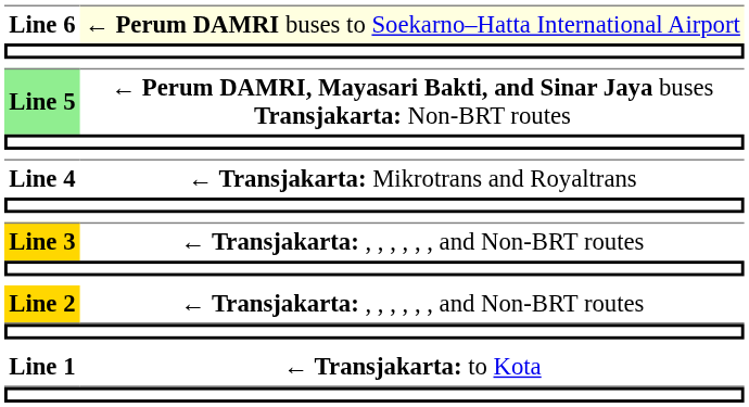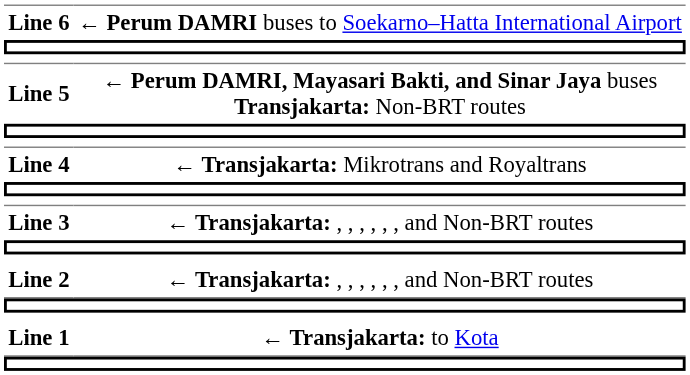 <table cellspacing="0" cellpadding="3">
 <tr>
 <td></td>
 <td></td>
 </tr>
 <tr>
 <td style="border-top:solid 1px gray"><strong>Line 6</strong></td>
-<td style="background: lightyellow; text-align:center;border-top:solid 1px gray">← <strong>Perum DAMRI</strong> buses to <a href='#'>Soekarno–Hatta International Airport</a></td>
+<td style="text-align:center;border-top:solid 1px gray">← <strong>Perum DAMRI</strong> buses to <a href='#'>Soekarno–Hatta International Airport</a></td>
 </tr>
 <tr>
 <td colspan="2" style="text-align:center; border:solid 2px black; "></td>
 </tr>
 <tr>
 <td></td>
 <td></td>
 </tr>
 <tr>
-<td style="background: lightgreen; border-top:solid 1px gray"><strong>Line 5</strong></td>
+<td style="border-top:solid 1px gray"><strong>Line 5</strong></td>
 <td style="text-align:center;border-top:solid 1px gray">← <strong>Perum DAMRI, Mayasari Bakti, and Sinar Jaya</strong> buses<br><strong>Transjakarta:</strong>   Non-BRT routes</td>
 </tr>
 <tr>
 <td colspan="2" style="text-align:center; border:solid 2px black; "></td>
 </tr>
 <tr>
 <td></td>
 <td></td>
 </tr>
 <tr>
 <td style="border-top:solid 1px gray"><strong>Line 4</strong></td>
 <td style="text-align:center;border-top:solid 1px gray">← <strong>Transjakarta:</strong> Mikrotrans and Royaltrans</td>
 </tr>
 <tr>
 <td colspan="2" style="text-align:center; border:solid 2px black; "></td>
 </tr>
 <tr>
 <td></td>
 <td></td>
 </tr>
 <tr>
-<td style="background: gold; border-top:solid 1px gray"><strong>Line 3</strong></td>
+<td style="border-top:solid 1px gray"><strong>Line 3</strong></td>
 <td style="text-align:center;border-top:solid 1px gray">← <strong>Transjakarta:</strong> , , , , , , and  Non-BRT routes</td>
 </tr>
 <tr>
 <td colspan="2" style="text-align:center; border:solid 2px black; "></td>
 </tr>
 <tr>
 <td></td>
 <td></td>
 </tr>
 <tr>
-<td style="background: gold; border-bottom:solid 1px gray"><strong>Line 2</strong></td>
+<td style="border-bottom:solid 1px gray"><strong>Line 2</strong></td>
 <td style="text-align:center ; border-bottom:solid 1px gray">← <strong>Transjakarta:</strong> , , , , , , and  Non-BRT routes</td>
 </tr>
 <tr>
 <td colspan="2" style="text-align:center; border:solid 2px black; "></td>
 </tr>
 <tr>
 <td></td>
 <td></td>
 </tr>
 <tr>
 <td style="border-bottom:solid 1px gray"><strong>Line 1</strong></td>
 <td style="text-align:center ; border-bottom:solid 1px gray">← <strong>Transjakarta:</strong>   to <a href='#'>Kota</a></td>
 </tr>
 <tr>
 <td colspan="2" style="text-align:center; border:solid 2px black; "></td>
 </tr>
 </table>
